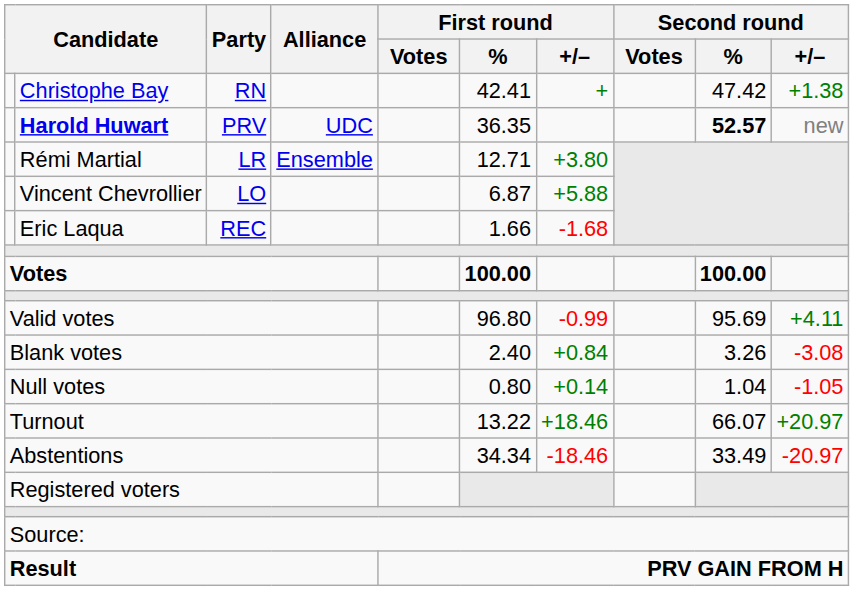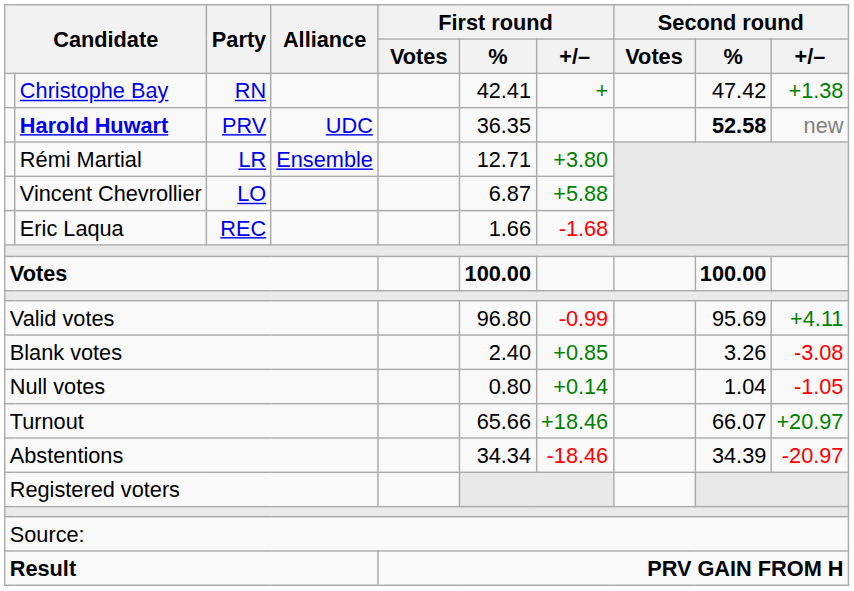 <table class="wikitable" style="text-align:right;font-size:95%;">
 <tr>
 <th rowspan="2" colspan="2">Candidate</th>
 <th colspan="1" rowspan="2">Party</th>
 <th colspan="1" rowspan="2">Alliance</th>
 <th colspan="3">First round</th>
 <th colspan="3">Second round</th>
 </tr>
 <tr>
 <th style="width:50px;">Votes</th>
 <th style="width:45px;">%</th>
 <th style="width:45px;">+/–</th>
 <th style="width:50px;">Votes</th>
 <th style="width:45px;">%</th>
 <th style="width:45px;">+/–</th>
 </tr>
 <tr>
 <td style="color:inherit;background:"></td>
 <td style="text-align:left;"><a href='#'>Christophe Bay</a></td>
 <td><a href='#'>RN</a></td>
 <td></td>
 <td></td>
 <td>42.41</td>
 <td style="color:green;">+</td>
 <td></td>
 <td>47.42</td>
 <td style="color:green;">+1.38</td>
 </tr>
 <tr>
 <td style="color:inherit;background:"></td>
 <td style="text-align:left;"><strong><a href='#'>Harold Huwart</a></strong></td>
 <td><a href='#'>PRV</a></td>
 <td><a href='#'>UDC</a></td>
 <td></td>
 <td>36.35</td>
 <td style="color:grey;"></td>
 <td><strong></strong></td>
-<td><strong>52.57</strong></td>
+<td><strong>52.58</strong></td>
 <td style="color:grey;">new</td>
 </tr>
 <tr>
 <td style="color:inherit;background:"></td>
 <td style="text-align:left;">Rémi Martial</td>
 <td><a href='#'>LR</a></td>
 <td><a href='#'>Ensemble</a></td>
 <td></td>
 <td>12.71</td>
 <td style="color:green;">+3.80</td>
 <td colspan="3" rowspan="3" style="background:#E9E9E9;"></td>
 </tr>
 <tr>
 <td style="color:inherit;background:"></td>
 <td style="text-align:left;">Vincent Chevrollier</td>
 <td><a href='#'>LO</a></td>
 <td></td>
 <td></td>
 <td>6.87</td>
 <td style="color:green;">+5.88</td>
 </tr>
 <tr>
 <td style="color:inherit;background:"></td>
 <td style="text-align:left;">Eric Laqua</td>
 <td><a href='#'>REC</a></td>
 <td></td>
 <td></td>
 <td>1.66</td>
 <td style="color:red;">-1.68</td>
 </tr>
 <tr>
 <td colspan="10" style="background:#E9E9E9;"></td>
 </tr>
 <tr style="font-weight:bold;">
 <td colspan="4" style="text-align:left;">Votes</td>
 <td></td>
 <td>100.00</td>
 <td></td>
 <td></td>
 <td>100.00</td>
 <td></td>
 </tr>
 <tr>
 <td colspan="10" style="background:#E9E9E9;"></td>
 </tr>
 <tr>
 <td colspan="4" style="text-align:left;">Valid votes</td>
 <td></td>
 <td>96.80</td>
 <td style="color:red;">-0.99</td>
 <td></td>
 <td>95.69</td>
 <td style="color:green;">+4.11</td>
 </tr>
 <tr>
 <td colspan="4" style="text-align:left;">Blank votes</td>
 <td></td>
 <td>2.40</td>
-<td style="color:green;">+0.84</td>
+<td style="color:green;">+0.85</td>
 <td></td>
 <td>3.26</td>
 <td style="color:red;">-3.08</td>
 </tr>
 <tr>
 <td colspan="4" style="text-align:left;">Null votes</td>
 <td></td>
 <td>0.80</td>
 <td style="color:green;">+0.14</td>
 <td></td>
 <td>1.04</td>
 <td style="color:red;">-1.05</td>
 </tr>
 <tr>
 <td colspan="4" style="text-align:left;">Turnout</td>
 <td></td>
-<td>13.22</td>
+<td>65.66</td>
 <td style="color:green;">+18.46</td>
 <td></td>
 <td>66.07</td>
 <td style="color:green;">+20.97</td>
 </tr>
 <tr>
 <td colspan="4" style="text-align:left;">Abstentions</td>
 <td></td>
 <td>34.34</td>
 <td style="color:red;">-18.46</td>
 <td></td>
-<td>33.49</td>
+<td>34.39</td>
 <td style="color:red;">-20.97</td>
 </tr>
 <tr>
 <td colspan="4" style="text-align:left;">Registered voters</td>
 <td></td>
 <td colspan="2" style="background:#E9E9E9;"></td>
 <td></td>
 <td colspan="2" style="background:#E9E9E9;"></td>
 </tr>
 <tr>
 <td colspan="10" style="background:#E9E9E9;"></td>
 </tr>
 <tr>
 <td colspan="10" style="text-align:left;">Source: </td>
 </tr>
 <tr style="font-weight:bold">
 <td colspan="4" style="text-align:left;">Result</td>
 <td colspan="6" style="background-color:">PRV GAIN FROM H</td>
 </tr>
 </table>
